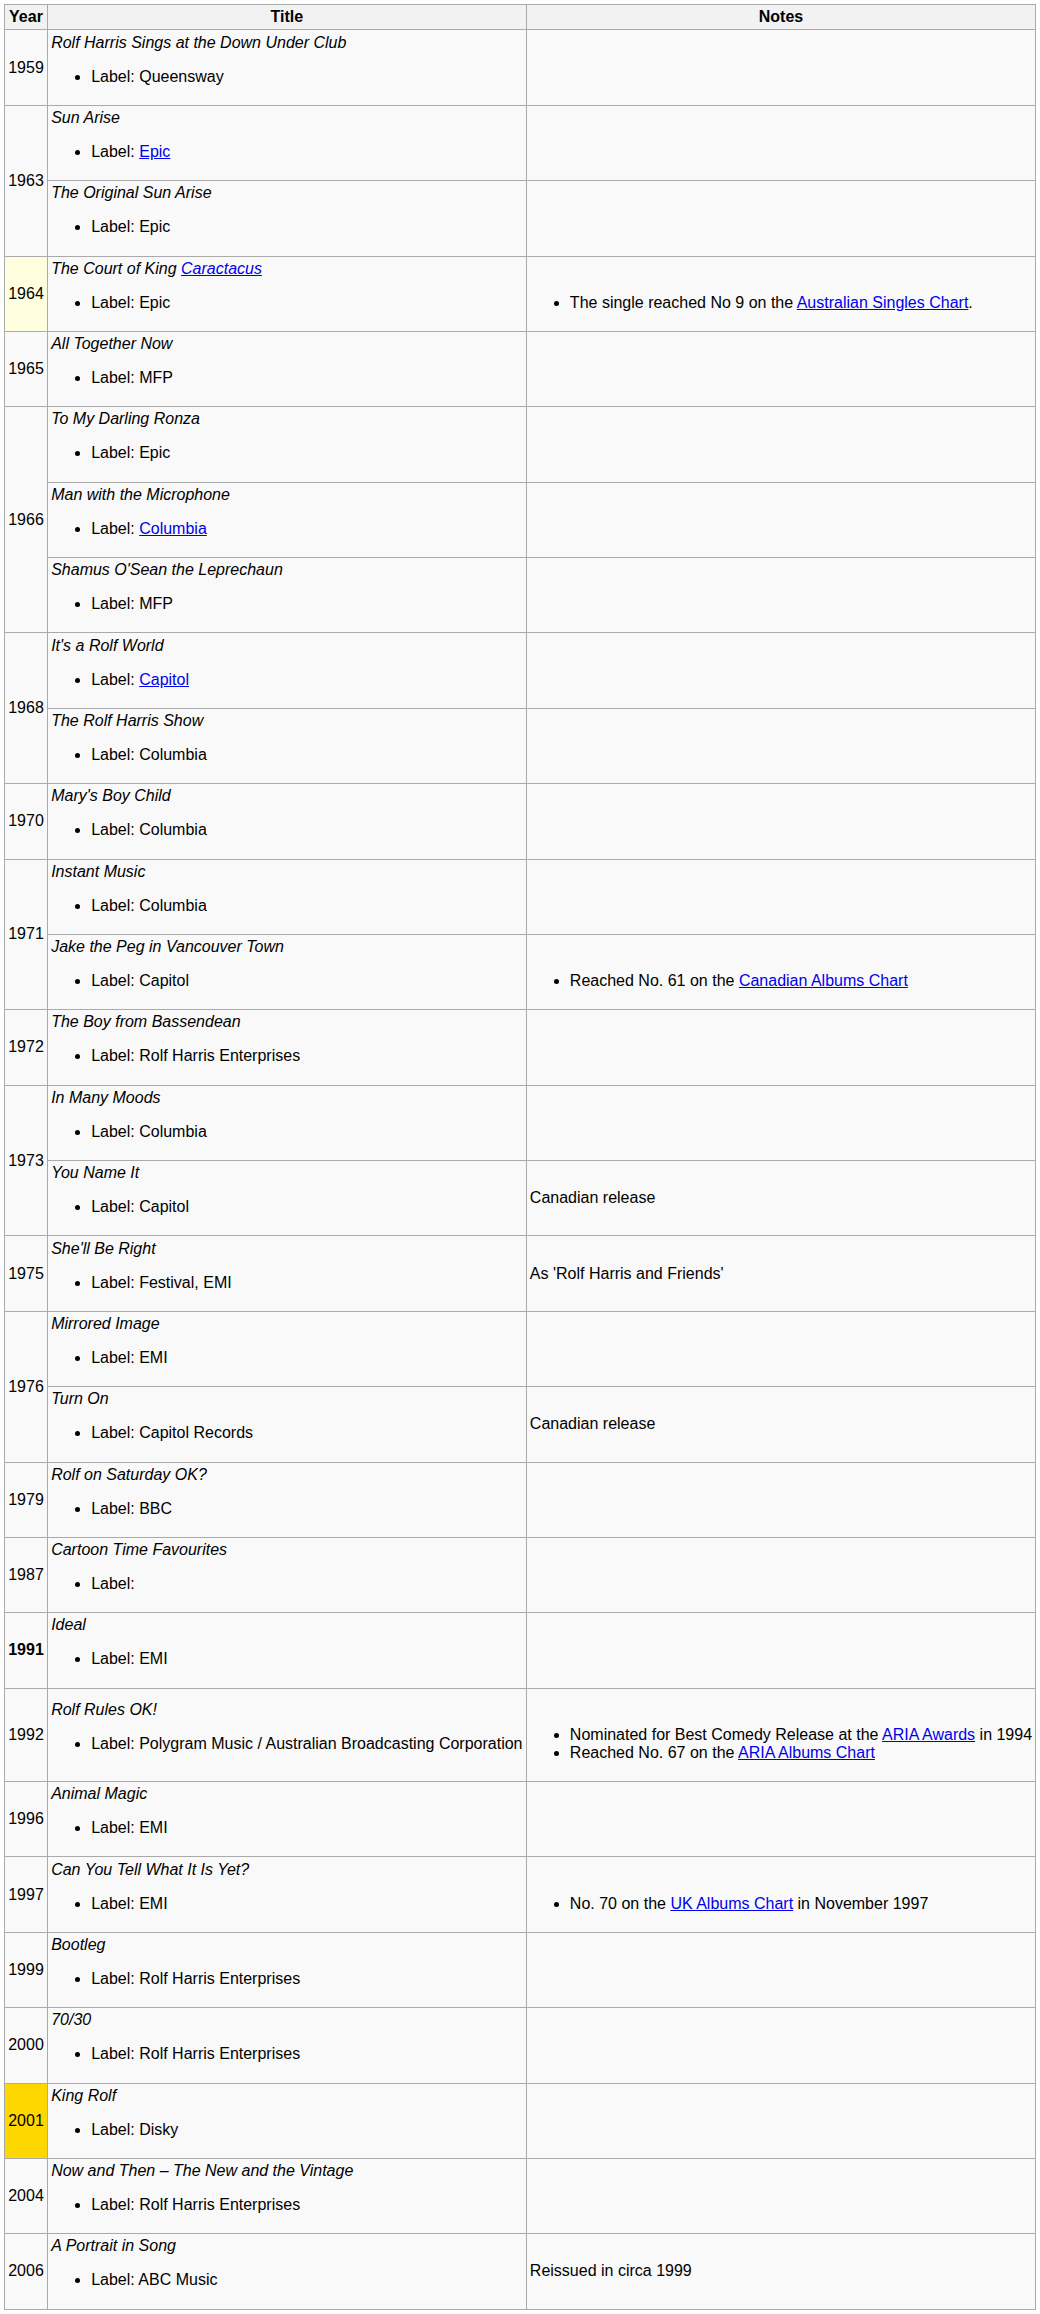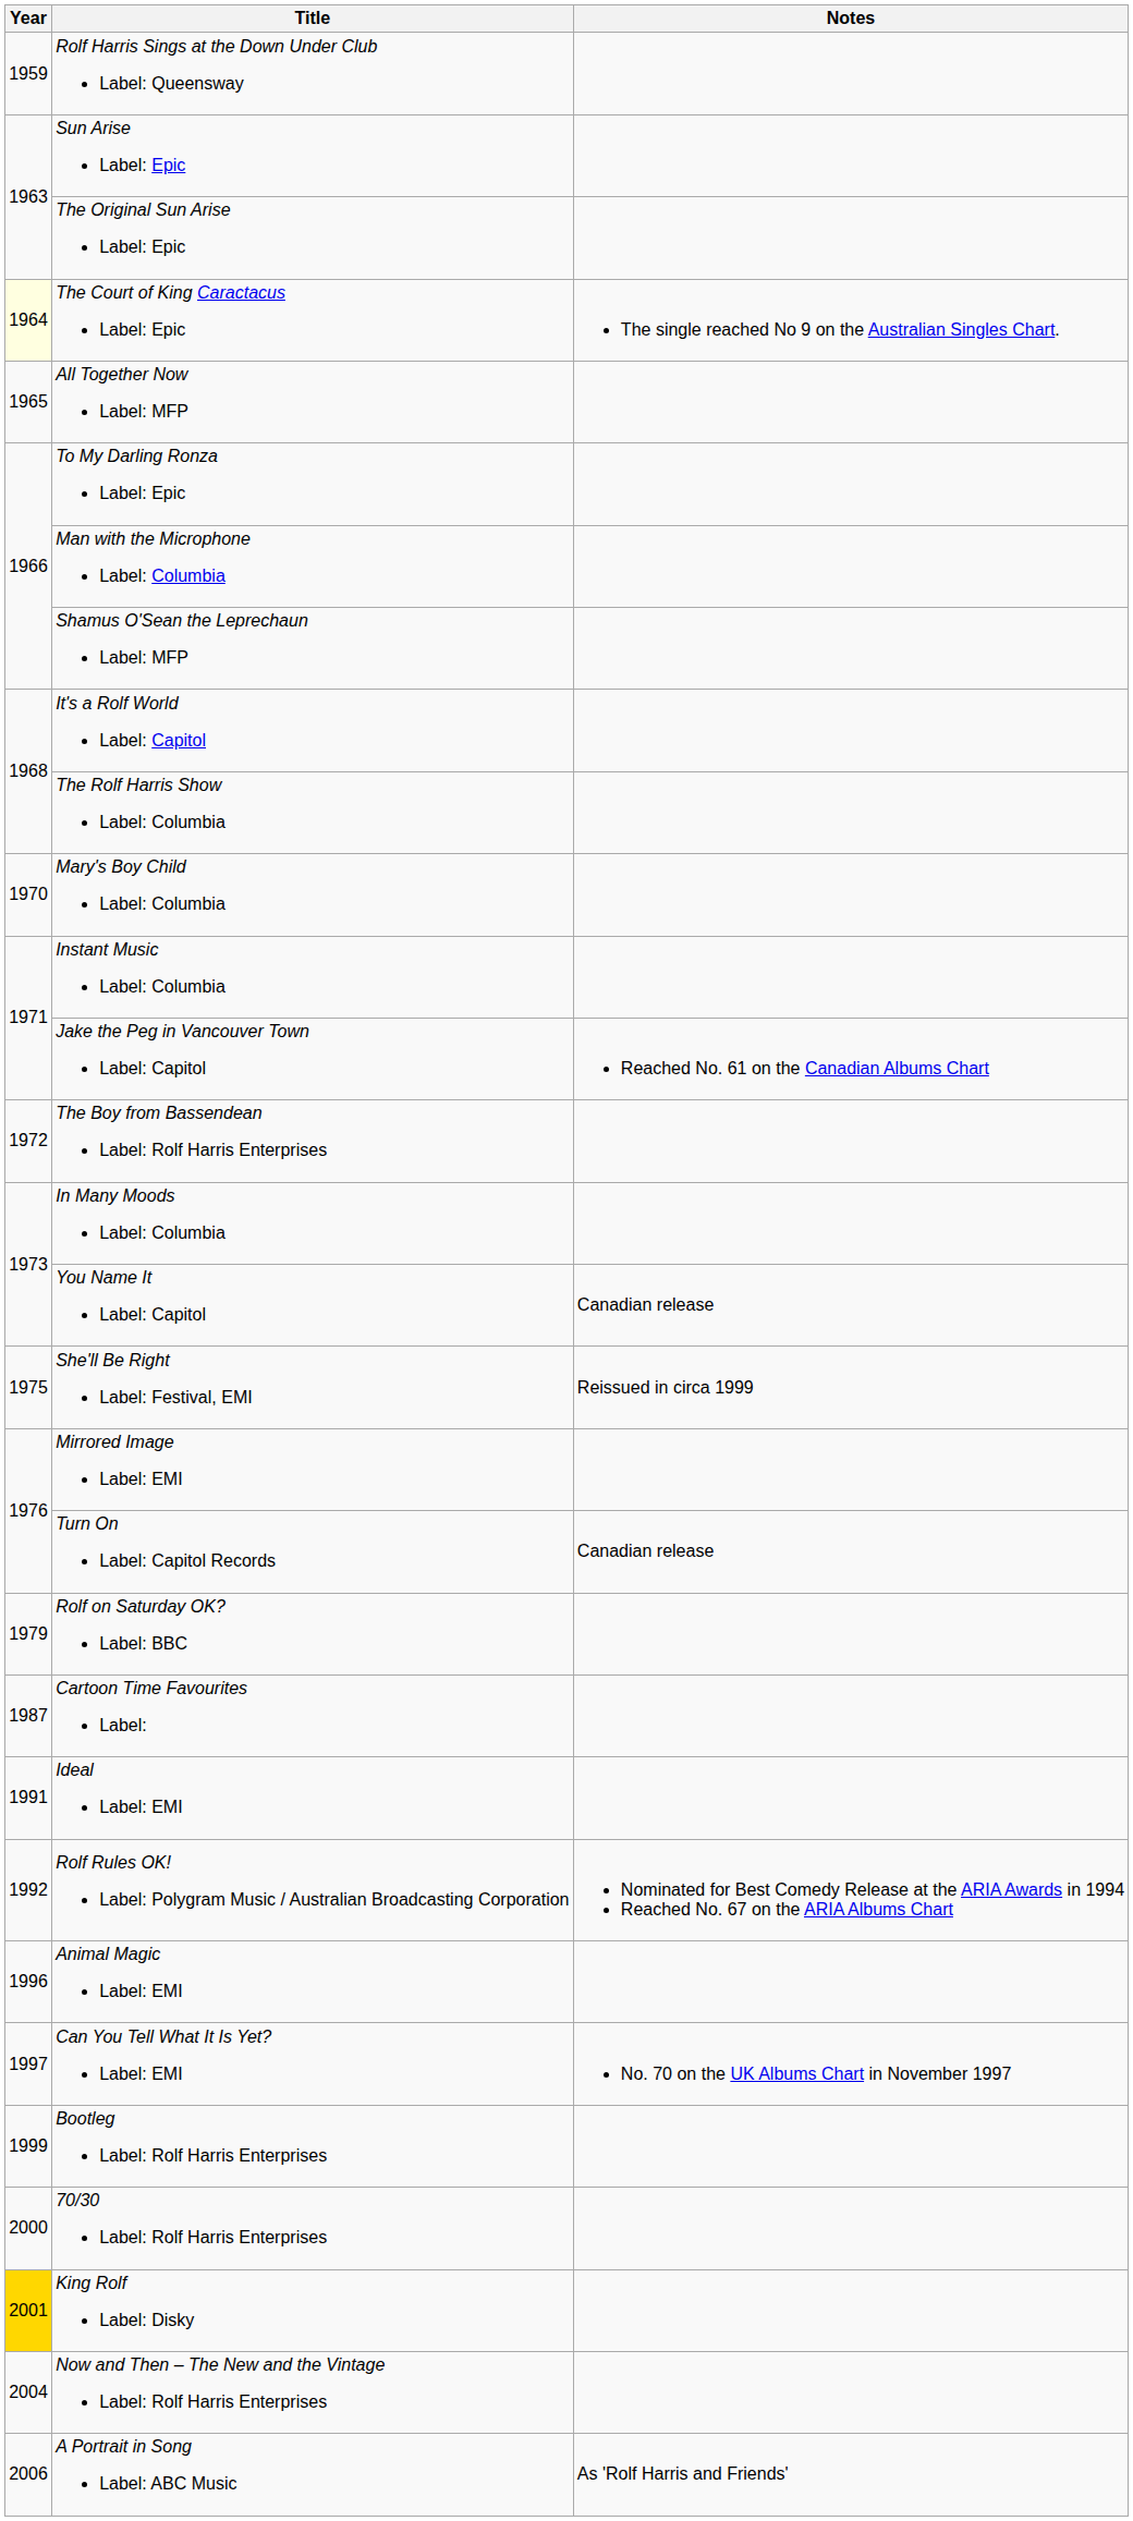 <table class="wikitable">
 <tr>
 <th>Year</th>
 <th>Title</th>
 <th>Notes</th>
 </tr>
 <tr>
 <td>1959</td>
 <td><em>Rolf Harris Sings at the Down Under Club</em><br><ul><li>Label: Queensway</li></ul></td>
 <td></td>
 </tr>
 <tr>
 <td rowspan="2">1963</td>
 <td><em>Sun Arise</em><br><ul><li>Label: <a href='#'>Epic</a></li></ul></td>
 <td></td>
 </tr>
 <tr>
 <td><em>The Original Sun Arise</em><br><ul><li>Label: Epic</li></ul></td>
 <td></td>
 </tr>
 <tr>
 <td style="background: lightyellow;">1964</td>
 <td><em>The Court of King <a href='#'>Caractacus</a></em><br><ul><li>Label: Epic</li></ul></td>
 <td><br><ul><li>The single reached No 9 on the <a href='#'>Australian Singles Chart</a>.</li></ul></td>
 </tr>
 <tr>
 <td>1965</td>
 <td><em>All Together Now</em><br><ul><li>Label: MFP</li></ul></td>
 <td></td>
 </tr>
 <tr>
 <td rowspan="3">1966</td>
 <td><em>To My Darling Ronza</em><br><ul><li>Label: Epic</li></ul></td>
 <td></td>
 </tr>
 <tr>
 <td><em>Man with the Microphone</em><br><ul><li>Label: <a href='#'>Columbia</a></li></ul></td>
 <td></td>
 </tr>
 <tr>
 <td><em>Shamus O'Sean the Leprechaun</em><br><ul><li>Label: MFP</li></ul></td>
 <td></td>
 </tr>
 <tr>
 <td rowspan="2">1968</td>
 <td><em>It's a Rolf World</em><br><ul><li>Label: <a href='#'>Capitol</a></li></ul></td>
 <td></td>
 </tr>
 <tr>
 <td><em>The Rolf Harris Show</em><br><ul><li>Label: Columbia</li></ul></td>
 <td></td>
 </tr>
 <tr>
 <td>1970</td>
 <td><em>Mary's Boy Child</em><br><ul><li>Label: Columbia</li></ul></td>
 <td></td>
 </tr>
 <tr>
 <td rowspan="2">1971</td>
 <td><em>Instant Music</em><br><ul><li>Label: Columbia</li></ul></td>
 <td></td>
 </tr>
 <tr>
 <td><em>Jake the Peg in Vancouver Town</em><br><ul><li>Label: Capitol</li></ul></td>
 <td><br><ul><li>Reached No. 61 on the <a href='#'>Canadian Albums Chart</a></li></ul></td>
 </tr>
 <tr>
 <td>1972</td>
 <td><em>The Boy from Bassendean</em><br><ul><li>Label: Rolf Harris Enterprises</li></ul></td>
 <td></td>
 </tr>
 <tr>
 <td rowspan="2">1973</td>
 <td><em>In Many Moods</em><br><ul><li>Label: Columbia</li></ul></td>
 <td></td>
 </tr>
 <tr>
 <td><em>You Name It</em><br><ul><li>Label: Capitol</li></ul></td>
 <td>Canadian release</td>
 </tr>
 <tr>
 <td>1975</td>
 <td><em>She'll Be Right</em><br><ul><li>Label: Festival, EMI</li></ul></td>
-<td>As 'Rolf Harris and Friends'</td>
+<td>Reissued in circa 1999</td>
 </tr>
 <tr>
 <td rowspan="2">1976</td>
 <td><em>Mirrored Image</em><br><ul><li>Label: EMI</li></ul></td>
 <td></td>
 </tr>
 <tr>
 <td><em>Turn On</em><br><ul><li>Label: Capitol Records</li></ul></td>
 <td>Canadian release</td>
 </tr>
 <tr>
 <td>1979</td>
 <td><em>Rolf on Saturday OK?</em><br><ul><li>Label: BBC</li></ul></td>
 <td></td>
 </tr>
 <tr>
 <td>1987</td>
 <td><em>Cartoon Time Favourites</em><br><ul><li>Label:</li></ul></td>
 <td></td>
 </tr>
 <tr>
-<td><strong>1991</strong></td>
+<td>1991</td>
 <td><em>Ideal</em><br><ul><li>Label: EMI</li></ul></td>
 <td></td>
 </tr>
 <tr>
 <td>1992</td>
 <td><em>Rolf Rules OK!</em><br><ul><li>Label: Polygram Music / Australian Broadcasting Corporation</li></ul></td>
 <td><br><ul><li>Nominated for Best Comedy Release at the <a href='#'>ARIA Awards</a> in 1994</li><li>Reached No. 67 on the <a href='#'>ARIA Albums Chart</a></li></ul></td>
 </tr>
 <tr>
 <td>1996</td>
 <td><em>Animal Magic</em><br><ul><li>Label: EMI</li></ul></td>
 <td></td>
 </tr>
 <tr>
 <td>1997</td>
 <td><em>Can You Tell What It Is Yet?</em><br><ul><li>Label: EMI</li></ul></td>
 <td><br><ul><li>No. 70 on the <a href='#'>UK Albums Chart</a> in November 1997</li></ul></td>
 </tr>
 <tr>
 <td>1999</td>
 <td><em>Bootleg</em><br><ul><li>Label: Rolf Harris Enterprises</li></ul></td>
 <td></td>
 </tr>
 <tr>
 <td>2000</td>
 <td><em>70/30</em><br><ul><li>Label: Rolf Harris Enterprises</li></ul></td>
 <td></td>
 </tr>
 <tr>
 <td style="background: gold;">2001</td>
 <td><em>King Rolf</em><br><ul><li>Label: Disky</li></ul></td>
 <td></td>
 </tr>
 <tr>
 <td>2004</td>
 <td><em>Now and Then – The New and the Vintage</em><br><ul><li>Label: Rolf Harris Enterprises</li></ul></td>
 <td></td>
 </tr>
 <tr>
 <td>2006</td>
 <td><em>A Portrait in Song</em><br><ul><li>Label: ABC Music</li></ul></td>
-<td>Reissued in circa 1999</td>
+<td>As 'Rolf Harris and Friends'</td>
 </tr>
 </table>
